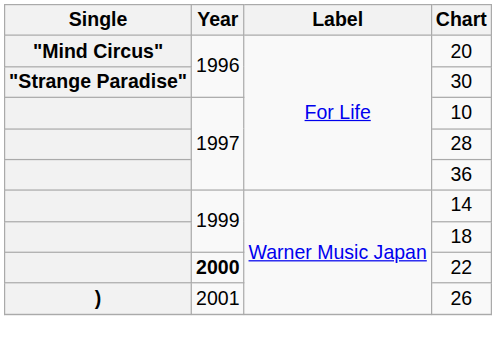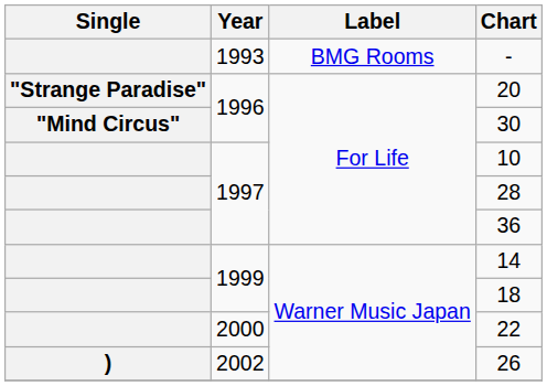 <table class="wikitable plainrowheaders" style="text-align:center;" border="1">
 <tr>
 <th rowspan="1">Single</th>
 <th rowspan="1">Year</th>
 <th rowspan="1">Label</th>
 <th rowspan="1">Chart</th>
 </tr>
 <tr>
-<th scope=row>"Mind Circus"</th>
+<th scope=row></th>
+<td>1993</td>
+<td><a href='#'>BMG Rooms</a></td>
+<td>-</td>
+</tr>
+<tr>
+<th scope=row>"Strange Paradise"</th>
 <td rowspan=2>1996</td>
 <td rowspan=5><a href='#'>For Life</a></td>
 <td>20</td>
 </tr>
 <tr>
-<th scope=row>"Strange Paradise"</th>
+<th scope=row>"Mind Circus"</th>
 <td>30</td>
 </tr>
 <tr>
 <th scope=row></th>
 <td rowspan=3>1997</td>
 <td>10</td>
 </tr>
 <tr>
 <th scope=row></th>
 <td>28</td>
 </tr>
 <tr>
 <th scope=row></th>
 <td>36</td>
 </tr>
 <tr>
 <th scope=row></th>
 <td rowspan=2>1999</td>
 <td rowspan=4><a href='#'>Warner Music Japan</a></td>
 <td>14</td>
 </tr>
 <tr>
 <th scope=row></th>
 <td>18</td>
 </tr>
 <tr>
 <th scope=row></th>
-<td><strong>2000</strong></td>
+<td>2000</td>
 <td>22</td>
 </tr>
 <tr>
 <th scope=row>)</th>
-<td>2001</td>
+<td>2002</td>
 <td>26</td>
 </tr>
 <tr>
 </tr>
 </table>
